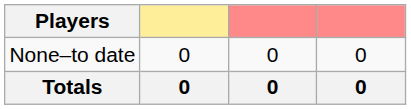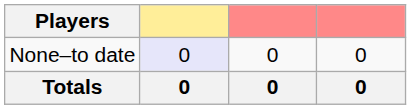 <table class="wikitable" style="text-align:center;">
 <tr style="text-align:center;">
 <th>Players</th>
 <th style="width:60px; background:#fe9;"></th>
 <th style="width:60px; background:#ff8888;"></th>
 <th style="width:60px; background:#ff8888;"></th>
 </tr>
 <tr>
 <td>None–to date</td>
-<td>0</td>
+<td style="background: lavender;">0</td>
 <td>0</td>
 <td>0</td>
 </tr>
 <tr>
 <th>Totals</th>
 <th>0</th>
 <th>0</th>
 <th>0</th>
 </tr>
 </table>
